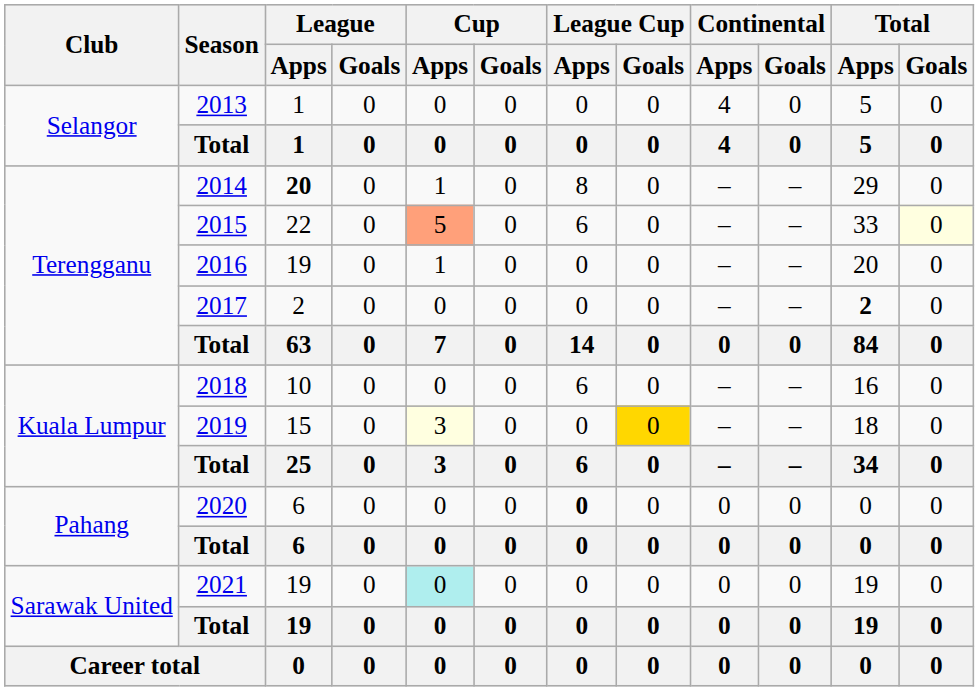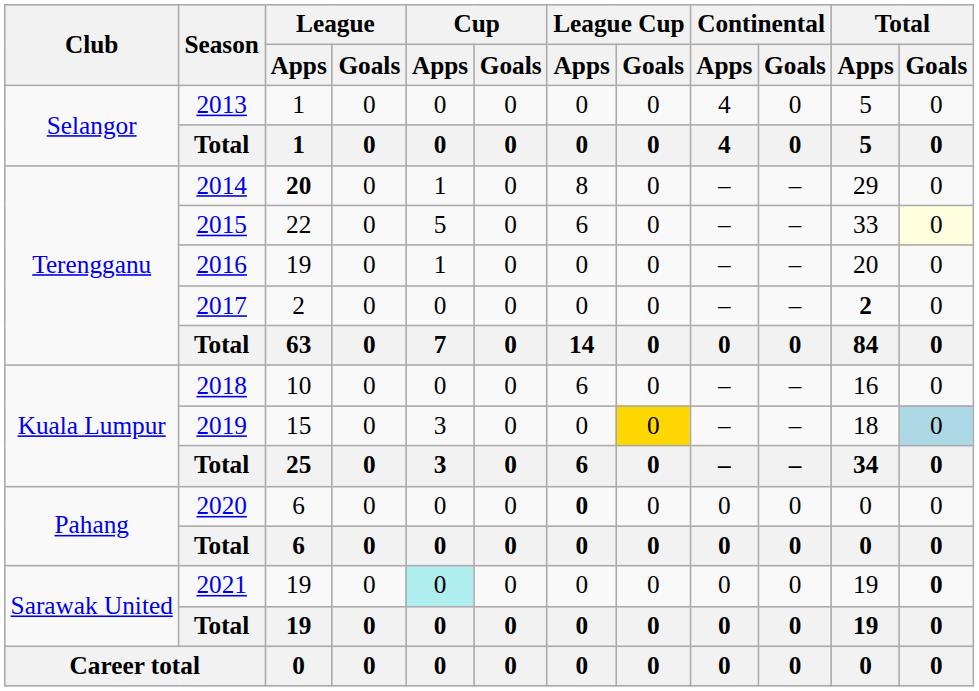 <table class="wikitable" style="text-align: center;">
 <tr>
 <th rowspan="2">Club</th>
 <th rowspan="2">Season</th>
 <th colspan="2">League</th>
 <th colspan="2">Cup</th>
 <th colspan="2">League Cup</th>
 <th colspan="2">Continental</th>
 <th colspan="2">Total</th>
 </tr>
 <tr>
 <th>Apps</th>
 <th>Goals</th>
 <th>Apps</th>
 <th>Goals</th>
 <th>Apps</th>
 <th>Goals</th>
 <th>Apps</th>
 <th>Goals</th>
 <th>Apps</th>
 <th>Goals</th>
 </tr>
 <tr>
 <td rowspan="2" valign="center"><a href='#'>Selangor</a></td>
 <td><a href='#'>2013</a></td>
 <td>1</td>
 <td>0</td>
 <td>0</td>
 <td>0</td>
 <td>0</td>
 <td>0</td>
 <td>4</td>
 <td>0</td>
 <td>5</td>
 <td>0</td>
 </tr>
 <tr>
 <th>Total</th>
 <th>1</th>
 <th>0</th>
 <th>0</th>
 <th>0</th>
 <th>0</th>
 <th>0</th>
 <th>4</th>
 <th>0</th>
 <th>5</th>
 <th>0</th>
 </tr>
 <tr>
 <td rowspan="5" valign="center"><a href='#'>Terengganu</a></td>
 <td><a href='#'>2014</a></td>
 <td><strong>20</strong></td>
 <td>0</td>
 <td>1</td>
 <td>0</td>
 <td>8</td>
 <td>0</td>
 <td>–</td>
 <td>–</td>
 <td>29</td>
 <td>0</td>
 </tr>
 <tr>
 <td><a href='#'>2015</a></td>
 <td>22</td>
 <td>0</td>
-<td style="background: lightsalmon;">5</td>
+<td>5</td>
 <td>0</td>
 <td>6</td>
 <td>0</td>
 <td>–</td>
 <td>–</td>
 <td>33</td>
 <td style="background: lightyellow;">0</td>
 </tr>
 <tr>
 <td><a href='#'>2016</a></td>
 <td>19</td>
 <td>0</td>
 <td>1</td>
 <td>0</td>
 <td>0</td>
 <td>0</td>
 <td>–</td>
 <td>–</td>
 <td>20</td>
 <td>0</td>
 </tr>
 <tr>
 <td><a href='#'>2017</a></td>
 <td>2</td>
 <td>0</td>
 <td>0</td>
 <td>0</td>
 <td>0</td>
 <td>0</td>
 <td>–</td>
 <td>–</td>
 <td><strong>2</strong></td>
 <td>0</td>
 </tr>
 <tr>
 <th>Total</th>
 <th>63</th>
 <th>0</th>
 <th>7</th>
 <th>0</th>
 <th>14</th>
 <th>0</th>
 <th>0</th>
 <th>0</th>
 <th>84</th>
 <th>0</th>
 </tr>
 <tr>
 <td rowspan="3" valign="center"><a href='#'>Kuala Lumpur</a></td>
 <td><a href='#'>2018</a></td>
 <td>10</td>
 <td>0</td>
 <td>0</td>
 <td>0</td>
 <td>6</td>
 <td>0</td>
 <td>–</td>
 <td>–</td>
 <td>16</td>
 <td>0</td>
 </tr>
 <tr>
 <td><a href='#'>2019</a></td>
 <td>15</td>
 <td>0</td>
-<td style="background: lightyellow;">3</td>
+<td>3</td>
 <td>0</td>
 <td>0</td>
 <td style="background: gold;">0</td>
 <td>–</td>
 <td>–</td>
 <td>18</td>
-<td>0</td>
+<td style="background: lightblue;">0</td>
 </tr>
 <tr>
 <th>Total</th>
 <th>25</th>
 <th>0</th>
 <th>3</th>
 <th>0</th>
 <th>6</th>
 <th>0</th>
 <th>–</th>
 <th>–</th>
 <th>34</th>
 <th>0</th>
 </tr>
 <tr>
 <td rowspan="2" valign="center"><a href='#'>Pahang</a></td>
 <td><a href='#'>2020</a></td>
 <td>6</td>
 <td>0</td>
 <td>0</td>
 <td>0</td>
 <td><strong>0</strong></td>
 <td>0</td>
 <td>0</td>
 <td>0</td>
 <td>0</td>
 <td>0</td>
 </tr>
 <tr>
 <th>Total</th>
 <th>6</th>
 <th>0</th>
 <th>0</th>
 <th>0</th>
 <th>0</th>
 <th>0</th>
 <th>0</th>
 <th>0</th>
 <th>0</th>
 <th>0</th>
 </tr>
 <tr>
 <td rowspan="2" valign="center"><a href='#'>Sarawak United</a></td>
 <td><a href='#'>2021</a></td>
 <td>19</td>
 <td>0</td>
 <td style="background: paleturquoise;">0</td>
 <td>0</td>
 <td>0</td>
 <td>0</td>
 <td>0</td>
 <td>0</td>
 <td>19</td>
-<td>0</td>
+<td><strong>0</strong></td>
 </tr>
 <tr>
 <th>Total</th>
 <th>19</th>
 <th>0</th>
 <th>0</th>
 <th>0</th>
 <th>0</th>
 <th>0</th>
 <th>0</th>
 <th>0</th>
 <th>19</th>
 <th>0</th>
 </tr>
 <tr>
 <th colspan=2>Career total</th>
 <th>0</th>
 <th>0</th>
 <th>0</th>
 <th>0</th>
 <th>0</th>
 <th>0</th>
 <th>0</th>
 <th>0</th>
 <th>0</th>
 <th>0</th>
 </tr>
 </table>
